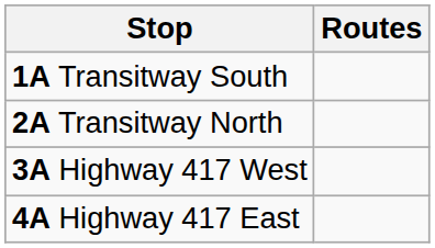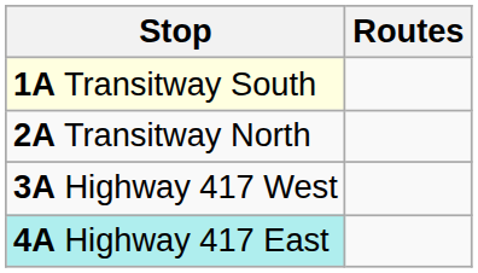 <table class="wikitable">
 <tr>
 <th>Stop</th>
 <th>Routes</th>
 </tr>
 <tr>
-<td><strong>1A</strong> Transitway South</td>
+<td style="background: lightyellow;"><strong>1A</strong> Transitway South</td>
 <td>   </td>
 </tr>
 <tr>
 <td><strong>2A</strong> Transitway North</td>
 <td>   </td>
 </tr>
 <tr>
 <td><strong>3A</strong> Highway 417 West</td>
 <td></td>
 </tr>
 <tr>
-<td><strong>4A</strong> Highway 417 East</td>
+<td style="background: paleturquoise;"><strong>4A</strong> Highway 417 East</td>
 <td>        </td>
 </tr>
 </table>
